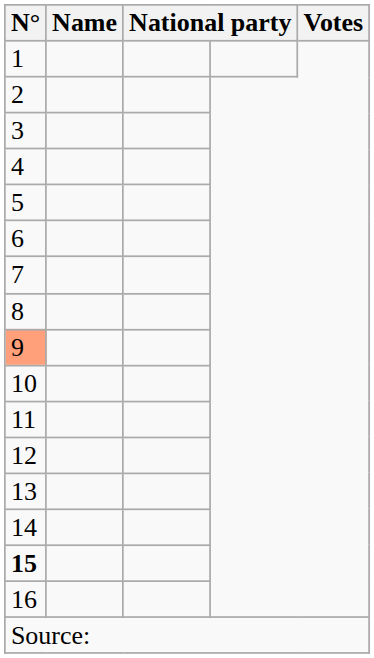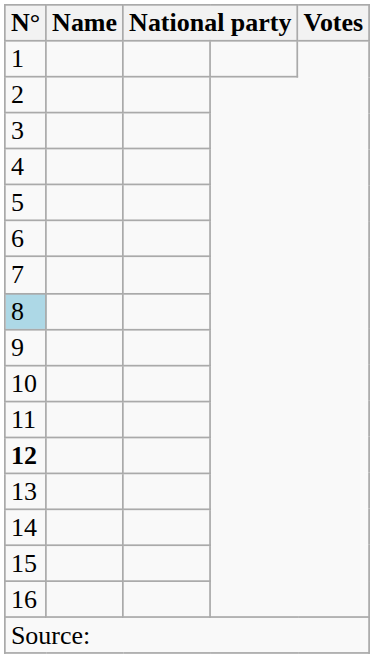 <table class="wikitable sortable" style="font-size:95%;line-height:14px;">
 <tr>
 <th>N°</th>
 <th>Name</th>
 <th colspan="2">National party</th>
 <th>Votes</th>
 </tr>
 <tr>
 <td>1</td>
 <td></td>
 <td></td>
 <td></td>
 </tr>
 <tr>
 <td>2</td>
 <td></td>
 <td></td>
 </tr>
 <tr>
 <td>3</td>
 <td></td>
 <td></td>
 </tr>
 <tr>
 <td>4</td>
 <td></td>
 <td></td>
 </tr>
 <tr>
 <td>5</td>
 <td></td>
 <td></td>
 </tr>
 <tr>
 <td>6</td>
 <td></td>
 <td></td>
 </tr>
 <tr>
 <td>7</td>
 <td></td>
 <td></td>
 </tr>
 <tr>
-<td>8</td>
+<td style="background: lightblue;">8</td>
 <td></td>
 <td></td>
 </tr>
 <tr>
-<td style="background: lightsalmon;">9</td>
+<td>9</td>
 <td></td>
 <td></td>
 </tr>
 <tr>
 <td>10</td>
 <td></td>
 <td></td>
 </tr>
 <tr>
 <td>11</td>
 <td></td>
 <td></td>
 </tr>
 <tr>
-<td>12</td>
+<td><strong>12</strong></td>
 <td></td>
 <td></td>
 </tr>
 <tr>
 <td>13</td>
 <td></td>
 <td></td>
 </tr>
 <tr>
 <td>14</td>
 <td></td>
 <td></td>
 </tr>
 <tr>
-<td><strong>15</strong></td>
+<td>15</td>
 <td></td>
 <td></td>
 </tr>
 <tr>
 <td>16</td>
 <td></td>
 <td></td>
 </tr>
 <tr>
 <td colspan="5">Source: </td>
 </tr>
 </table>
